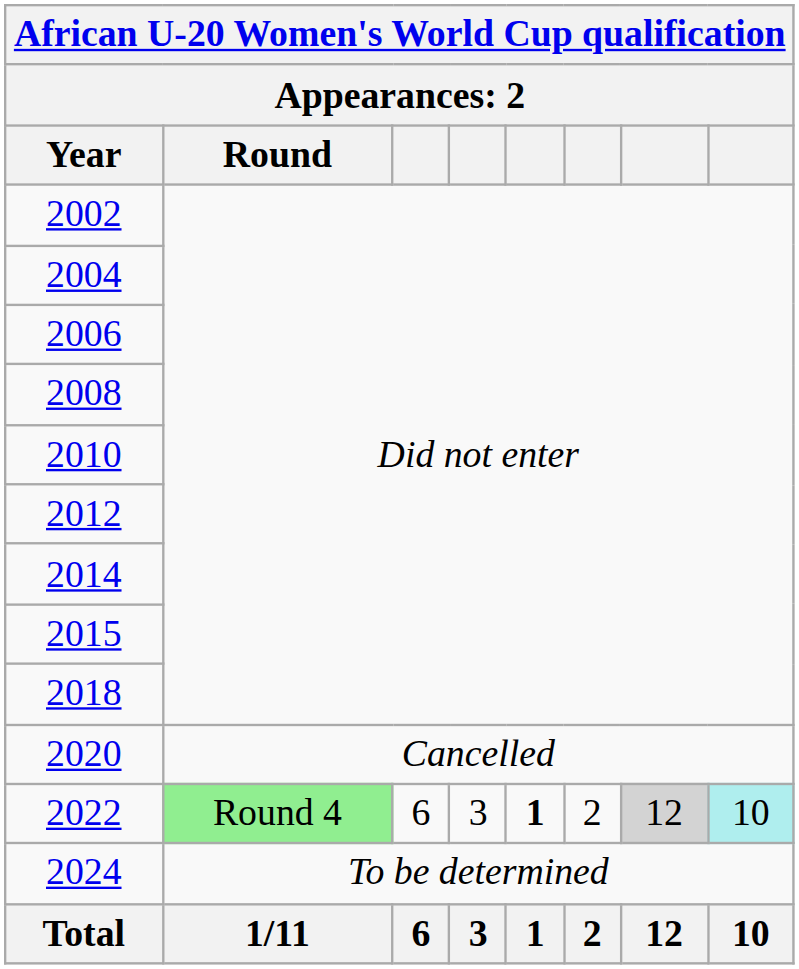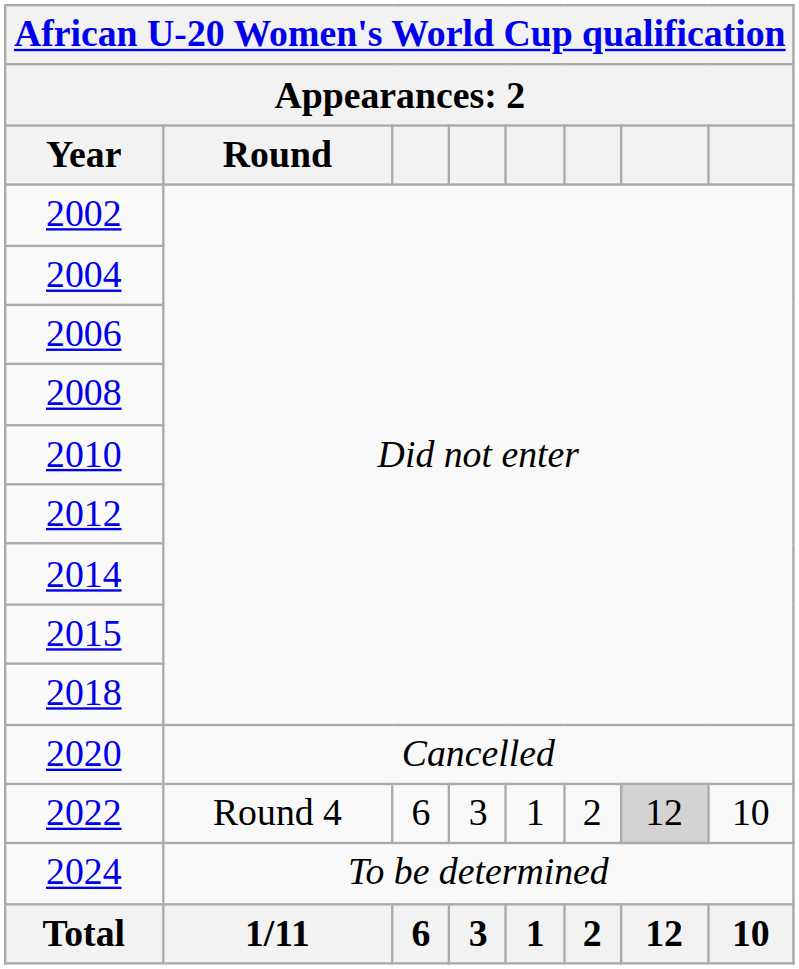 <table class="wikitable" style="text-align: center;">
 <tr>
 <th colspan=8><a href='#'>African U-20 Women's World Cup qualification</a></th>
 </tr>
 <tr>
 <th colspan=8>Appearances: 2</th>
 </tr>
 <tr>
 <th>Year</th>
 <th>Round</th>
 <th></th>
 <th></th>
 <th></th>
 <th></th>
 <th></th>
 <th></th>
 </tr>
 <tr>
 <td><a href='#'>2002</a></td>
 <td colspan=7 rowspan=9><em>Did not enter</em></td>
 </tr>
 <tr>
 <td><a href='#'>2004</a></td>
 </tr>
 <tr>
 <td><a href='#'>2006</a></td>
 </tr>
 <tr>
 <td><a href='#'>2008</a></td>
 </tr>
 <tr>
 <td><a href='#'>2010</a></td>
 </tr>
 <tr>
 <td><a href='#'>2012</a></td>
 </tr>
 <tr>
 <td><a href='#'>2014</a></td>
 </tr>
 <tr>
 <td><a href='#'>2015</a></td>
 </tr>
 <tr>
 <td><a href='#'>2018</a></td>
 </tr>
 <tr>
 <td><a href='#'>2020</a></td>
 <td colspan=7><em>Cancelled</em></td>
 </tr>
 <tr>
 <td><a href='#'>2022</a></td>
-<td style="background: lightgreen;">Round 4</td>
+<td>Round 4</td>
 <td>6</td>
 <td>3</td>
-<td><strong>1</strong></td>
+<td>1</td>
 <td>2</td>
 <td style="background: lightgrey;">12</td>
-<td style="background: paleturquoise;">10</td>
+<td>10</td>
 </tr>
 <tr>
 <td><a href='#'>2024</a></td>
 <td colspan=7><em>To be determined</em></td>
 </tr>
 <tr>
 <th>Total</th>
 <th>1/11</th>
 <th>6</th>
 <th>3</th>
 <th>1</th>
 <th>2</th>
 <th>12</th>
 <th>10</th>
 </tr>
 </table>
